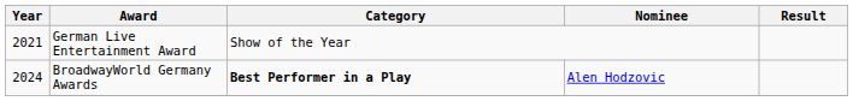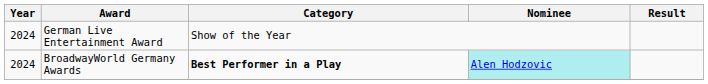 <table class="wikitable sortable" style="width: 99%;">
 <tr>
 <th scope="col" style="width:5%;">Year</th>
 <th scope="col" style="width:20%;">Award</th>
 <th scope="col" style="width:38%;">Category</th>
 <th scope="col" style="width:22%;">Nominee</th>
 <th scope="col" style="width:10%;">Result</th>
 </tr>
 <tr>
-<td rowspan="1" style="text-align:center;">2021</td>
+<td rowspan="1" style="text-align:center;">2024</td>
 <td rowspan=1>German Live Entertainment Award</td>
 <td colspan="2">Show of the Year</td>
 <td></td>
 </tr>
 <tr>
 <td rowspan="8" style="text-align:center;">2024</td>
 <td>BroadwayWorld Germany Awards</td>
 <td colspan="1"><strong>Best Performer in a Play</strong></td>
-<td colspan="1"><a href='#'>Alen Hodzovic</a></td>
+<td colspan="1" style="background: paleturquoise;"><a href='#'>Alen Hodzovic</a></td>
 <td></td>
 </tr>
 <tr>
 </tr>
 </table>
